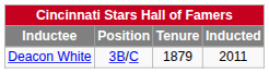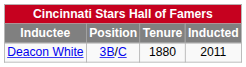 <table class="wikitable" style="text-align:center">
 <tr>
 <th colspan=4 style="background:#c6011f;color:#FFFFFF">Cincinnati Stars Hall of Famers</th>
 </tr>
 <tr>
 <th style="background:grey;color:#FFFFFF">Inductee</th>
 <th style="background:grey;color:#FFFFFF">Position</th>
 <th style="background:grey;color:#FFFFFF">Tenure</th>
 <th style="background:grey;color:#FFFFFF">Inducted</th>
 </tr>
 <tr>
 <td><a href='#'>Deacon White</a></td>
 <td><a href='#'>3B</a>/<a href='#'>C</a></td>
-<td>1879</td>
+<td>1880</td>
 <td>2011</td>
 </tr>
 </table>
